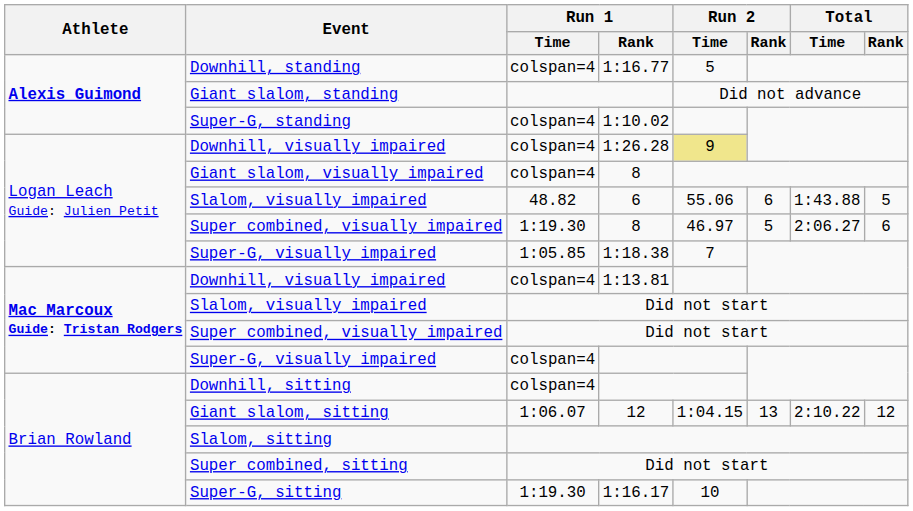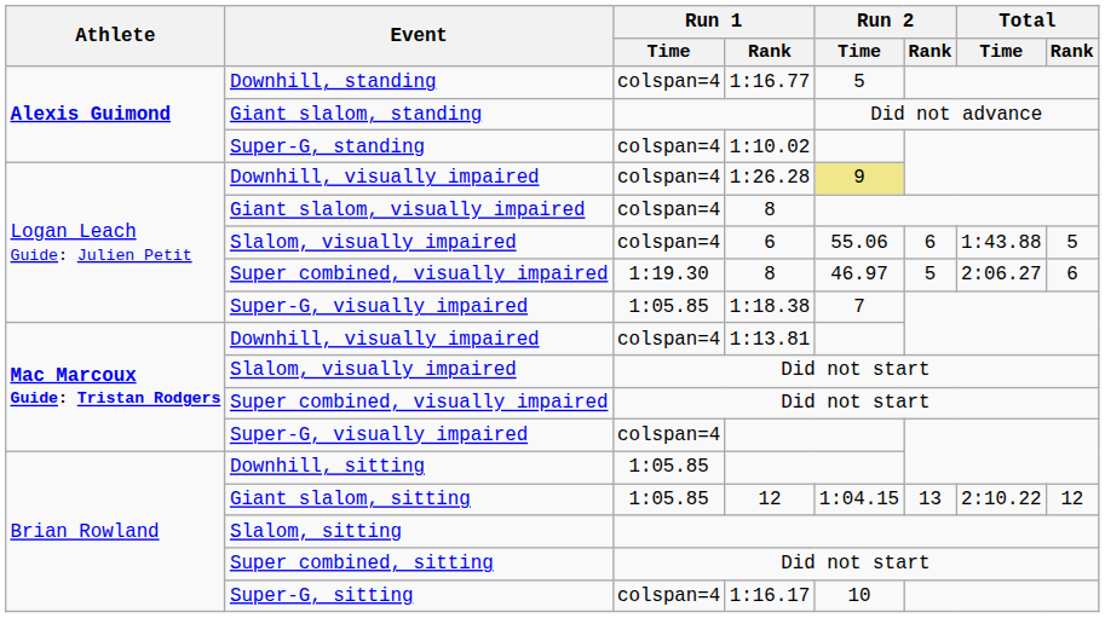 <table class="wikitable" style="font-size:90%">
 <tr>
 <th rowspan=2>Athlete</th>
 <th rowspan=2>Event</th>
 <th colspan=2>Run 1</th>
 <th colspan=2>Run 2</th>
 <th colspan=2>Total</th>
 </tr>
 <tr style="font-size:95%">
 <th>Time</th>
 <th>Rank</th>
 <th>Time</th>
 <th>Rank</th>
 <th>Time</th>
 <th>Rank</th>
 </tr>
 <tr align=center>
 <td style="text-align:left;" rowspan="3"><strong><a href='#'>Alexis Guimond</a></strong></td>
 <td align=left><a href='#'>Downhill, standing</a></td>
 <td>colspan=4 </td>
 <td>1:16.77</td>
 <td>5</td>
 </tr>
 <tr align=center>
 <td align=left><a href='#'>Giant slalom, standing</a></td>
 <td colspan=2></td>
 <td colspan=4>Did not advance</td>
 </tr>
 <tr align=center>
 <td align=left><a href='#'>Super-G, standing</a></td>
 <td>colspan=4 </td>
 <td>1:10.02</td>
 <td></td>
 </tr>
 <tr align=center>
 <td style="text-align:left;" rowspan="5"><a href='#'>Logan Leach</a><br><small><a href='#'>Guide</a>: <a href='#'>Julien Petit</a></small></td>
 <td align=left><a href='#'>Downhill, visually impaired</a></td>
 <td>colspan=4 </td>
 <td>1:26.28</td>
 <td style="background: khaki;">9</td>
 </tr>
 <tr align=center>
 <td align=left><a href='#'>Giant slalom, visually impaired</a></td>
 <td>colspan=4 </td>
 <td>8</td>
 <td colspan=4></td>
 </tr>
 <tr align=center>
 <td align=left><a href='#'>Slalom, visually impaired</a></td>
-<td>48.82</td>
+<td>colspan=4 </td>
 <td>6</td>
 <td>55.06</td>
 <td>6</td>
 <td>1:43.88</td>
 <td>5</td>
 </tr>
 <tr align=center>
 <td align=left><a href='#'>Super combined, visually impaired</a></td>
 <td>1:19.30</td>
 <td>8</td>
 <td>46.97</td>
 <td>5</td>
 <td>2:06.27</td>
 <td>6</td>
 </tr>
 <tr align=center>
 <td align=left><a href='#'>Super-G, visually impaired</a></td>
 <td>1:05.85</td>
 <td>1:18.38</td>
 <td>7</td>
 </tr>
 <tr align=center>
 <td style="text-align:left;" rowspan="4"><strong><a href='#'>Mac Marcoux</a><br><small><a href='#'>Guide</a>: <a href='#'>Tristan Rodgers</a></small></strong></td>
 <td align=left><a href='#'>Downhill, visually impaired</a></td>
 <td>colspan=4 </td>
 <td>1:13.81</td>
 <td></td>
 </tr>
 <tr align=center>
 <td align=left><a href='#'>Slalom, visually impaired</a></td>
 <td colspan="6">Did not start</td>
 </tr>
 <tr align=center>
 <td align=left><a href='#'>Super combined, visually impaired</a></td>
 <td colspan=6>Did not start</td>
 </tr>
 <tr align=center>
 <td align=left><a href='#'>Super-G, visually impaired</a></td>
 <td>colspan=4 </td>
 <td colspan=2></td>
 </tr>
 <tr align=center>
 <td style="text-align:left;" rowspan="5"><a href='#'>Brian Rowland</a></td>
 <td align=left><a href='#'>Downhill, sitting</a></td>
-<td>colspan=4 </td>
+<td>1:05.85</td>
 <td colspan=2></td>
 </tr>
 <tr align=center>
 <td align=left><a href='#'>Giant slalom, sitting</a></td>
-<td>1:06.07</td>
+<td>1:05.85</td>
 <td>12</td>
 <td>1:04.15</td>
 <td>13</td>
 <td>2:10.22</td>
 <td>12</td>
 </tr>
 <tr align=center>
 <td align=left><a href='#'>Slalom, sitting</a></td>
 <td colspan=6></td>
 </tr>
 <tr align=center>
 <td align=left><a href='#'>Super combined, sitting</a></td>
 <td colspan=6>Did not start</td>
 </tr>
 <tr align=center>
 <td align=left><a href='#'>Super-G, sitting</a></td>
-<td>1:19.30</td>
+<td>colspan=4 </td>
 <td>1:16.17</td>
 <td>10</td>
 </tr>
 </table>
